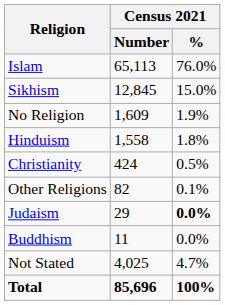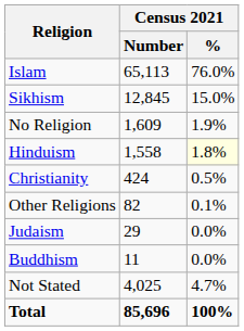 <table class="wikitable">
 <tr>
 <th rowspan="2">Religion</th>
 <th colspan="2">Census 2021</th>
 </tr>
 <tr>
 <th>Number</th>
 <th>%</th>
 </tr>
 <tr>
 <td> <a href='#'>Islam</a></td>
 <td>65,113</td>
 <td>76.0%</td>
 </tr>
 <tr>
 <td> <a href='#'>Sikhism</a></td>
 <td>12,845</td>
 <td>15.0%</td>
 </tr>
 <tr>
 <td>No Religion</td>
 <td>1,609</td>
 <td>1.9%</td>
 </tr>
 <tr>
 <td> <a href='#'>Hinduism</a></td>
 <td>1,558</td>
-<td>1.8%</td>
+<td style="background: lightyellow;">1.8%</td>
 </tr>
 <tr>
 <td> <a href='#'>Christianity</a></td>
 <td>424</td>
 <td>0.5%</td>
 </tr>
 <tr>
 <td>Other Religions</td>
 <td>82</td>
 <td>0.1%</td>
 </tr>
 <tr>
 <td> <a href='#'>Judaism</a></td>
 <td>29</td>
-<td><strong>0.0%</strong></td>
+<td>0.0%</td>
 </tr>
 <tr>
 <td> <a href='#'>Buddhism</a></td>
 <td>11</td>
 <td>0.0%</td>
 </tr>
 <tr>
 <td>Not Stated</td>
 <td>4,025</td>
 <td>4.7%</td>
 </tr>
 <tr>
 <td><strong>Total</strong></td>
 <td><strong>85,696</strong></td>
 <td><strong>100%</strong></td>
 </tr>
 </table>
